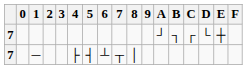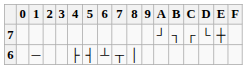 <table class="wikitable">
 <tr>
 <th></th>
 <th>0</th>
 <th>1</th>
 <th>2</th>
 <th>3</th>
 <th>4</th>
 <th>5</th>
 <th>6</th>
 <th>7</th>
 <th>8</th>
 <th>9</th>
 <th>A</th>
 <th>B</th>
 <th>C</th>
 <th>D</th>
 <th>E</th>
 <th>F</th>
 </tr>
 <tr>
 <th>7</th>
 <td></td>
 <td></td>
 <td></td>
 <td></td>
 <td></td>
 <td></td>
 <td></td>
 <td></td>
 <td></td>
 <td></td>
 <td>┘</td>
 <td>┐</td>
 <td>┌</td>
 <td>└</td>
 <td>┼</td>
 <td></td>
 </tr>
 <tr>
-<th>7</th>
+<th>6</th>
 <td></td>
 <td>─</td>
 <td></td>
 <td></td>
 <td>├</td>
 <td>┤</td>
 <td>┴</td>
 <td>┬</td>
 <td>│</td>
 <td></td>
 <td></td>
 <td></td>
 <td></td>
 <td></td>
 <td></td>
 <td></td>
 </tr>
 </table>
